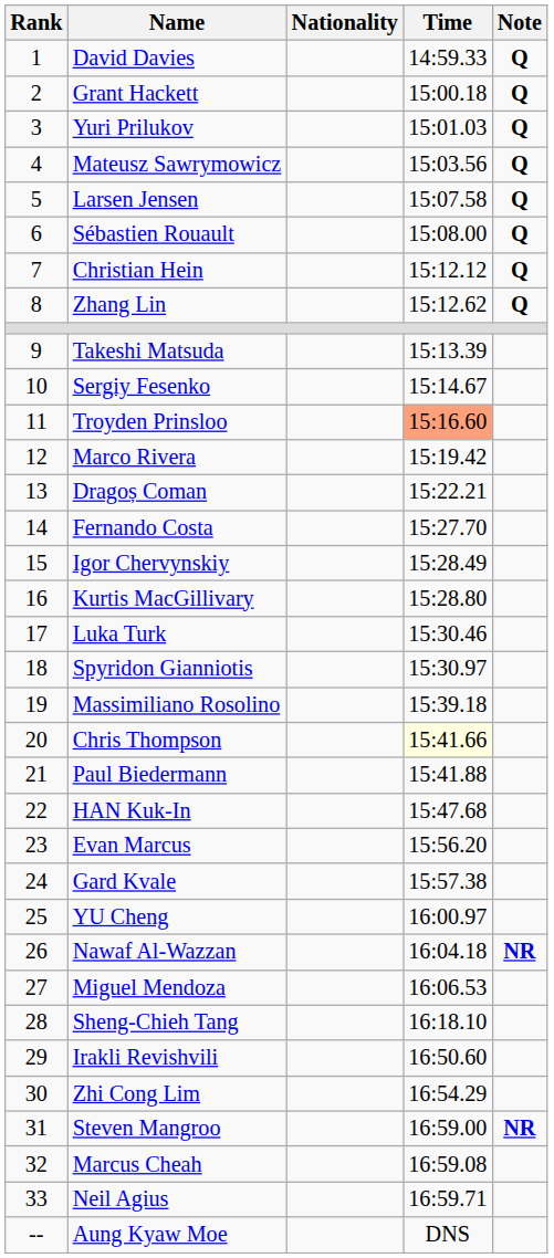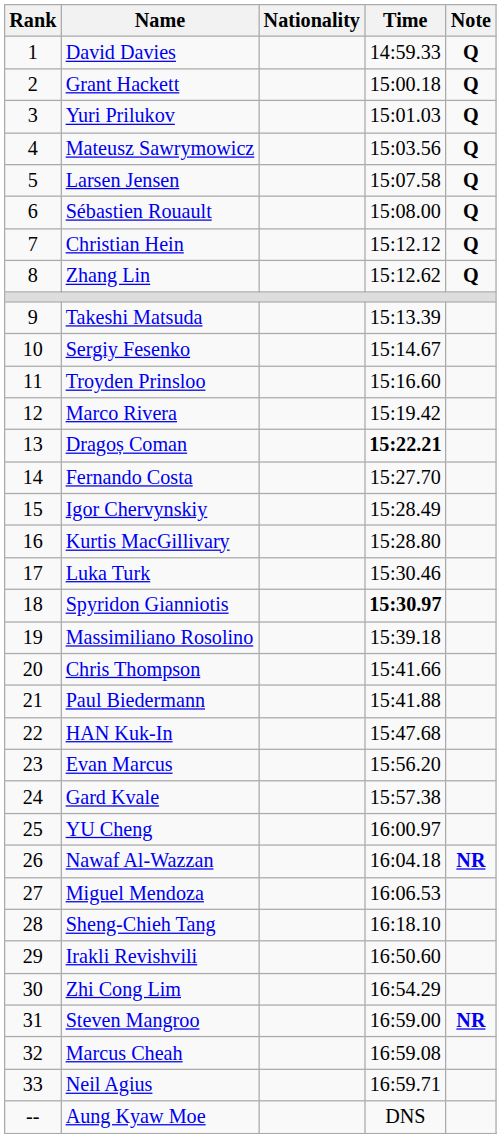 <table class="wikitable" style="text-align:center">
 <tr>
 <th>Rank</th>
 <th>Name</th>
 <th>Nationality</th>
 <th>Time</th>
 <th>Note</th>
 </tr>
 <tr>
 <td>1</td>
 <td align=left><a href='#'>David Davies</a></td>
 <td align=left></td>
 <td>14:59.33</td>
 <td><strong>Q</strong></td>
 </tr>
 <tr>
 <td>2</td>
 <td align=left><a href='#'>Grant Hackett</a></td>
 <td align=left></td>
 <td>15:00.18</td>
 <td><strong>Q</strong></td>
 </tr>
 <tr>
 <td>3</td>
 <td align=left><a href='#'>Yuri Prilukov</a></td>
 <td align=left></td>
 <td>15:01.03</td>
 <td><strong>Q</strong></td>
 </tr>
 <tr>
 <td>4</td>
 <td align=left><a href='#'>Mateusz Sawrymowicz</a></td>
 <td align=left></td>
 <td>15:03.56</td>
 <td><strong>Q</strong></td>
 </tr>
 <tr>
 <td>5</td>
 <td align=left><a href='#'>Larsen Jensen</a></td>
 <td align=left></td>
 <td>15:07.58</td>
 <td><strong>Q</strong></td>
 </tr>
 <tr>
 <td>6</td>
 <td align=left><a href='#'>Sébastien Rouault</a></td>
 <td align=left></td>
 <td>15:08.00</td>
 <td><strong>Q</strong></td>
 </tr>
 <tr>
 <td>7</td>
 <td align=left><a href='#'>Christian Hein</a></td>
 <td align=left></td>
 <td>15:12.12</td>
 <td><strong>Q</strong></td>
 </tr>
 <tr>
 <td>8</td>
 <td align=left><a href='#'>Zhang Lin</a></td>
 <td align=left></td>
 <td>15:12.62</td>
 <td><strong>Q</strong></td>
 </tr>
 <tr bgcolor=#DDDDDD>
 <td colspan=5></td>
 </tr>
 <tr>
 <td>9</td>
 <td align=left><a href='#'>Takeshi Matsuda</a></td>
 <td align=left></td>
 <td>15:13.39</td>
 <td></td>
 </tr>
 <tr>
 <td>10</td>
 <td align=left><a href='#'>Sergiy Fesenko</a></td>
 <td align=left></td>
 <td>15:14.67</td>
 <td></td>
 </tr>
 <tr>
 <td>11</td>
 <td align=left><a href='#'>Troyden Prinsloo</a></td>
 <td align=left></td>
-<td style="background: lightsalmon;">15:16.60</td>
+<td>15:16.60</td>
 <td></td>
 </tr>
 <tr>
 <td>12</td>
 <td align=left><a href='#'>Marco Rivera</a></td>
 <td align=left></td>
 <td>15:19.42</td>
 <td></td>
 </tr>
 <tr>
 <td>13</td>
 <td align=left><a href='#'>Dragoș Coman</a></td>
 <td align=left></td>
-<td>15:22.21</td>
+<td><strong>15:22.21</strong></td>
 <td></td>
 </tr>
 <tr>
 <td>14</td>
 <td align=left><a href='#'>Fernando Costa</a></td>
 <td align=left></td>
 <td>15:27.70</td>
 <td></td>
 </tr>
 <tr>
 <td>15</td>
 <td align=left><a href='#'>Igor Chervynskiy</a></td>
 <td align=left></td>
 <td>15:28.49</td>
 <td></td>
 </tr>
 <tr>
 <td>16</td>
 <td align=left><a href='#'>Kurtis MacGillivary</a></td>
 <td align=left></td>
 <td>15:28.80</td>
 <td></td>
 </tr>
 <tr>
 <td>17</td>
 <td align=left><a href='#'>Luka Turk</a></td>
 <td align=left></td>
 <td>15:30.46</td>
 <td></td>
 </tr>
 <tr>
 <td>18</td>
 <td align=left><a href='#'>Spyridon Gianniotis</a></td>
 <td align=left></td>
-<td>15:30.97</td>
+<td><strong>15:30.97</strong></td>
 <td></td>
 </tr>
 <tr>
 <td>19</td>
 <td align=left><a href='#'>Massimiliano Rosolino</a></td>
 <td align=left></td>
 <td>15:39.18</td>
 <td></td>
 </tr>
 <tr>
 <td>20</td>
 <td align=left><a href='#'>Chris Thompson</a></td>
 <td align=left></td>
-<td style="background: lightyellow;">15:41.66</td>
+<td>15:41.66</td>
 <td></td>
 </tr>
 <tr>
 <td>21</td>
 <td align=left><a href='#'>Paul Biedermann</a></td>
 <td align=left></td>
 <td>15:41.88</td>
 <td></td>
 </tr>
 <tr>
 <td>22</td>
 <td align=left><a href='#'>HAN Kuk-In</a></td>
 <td align=left></td>
 <td>15:47.68</td>
 <td></td>
 </tr>
 <tr>
 <td>23</td>
 <td align=left><a href='#'>Evan Marcus</a></td>
 <td align=left></td>
 <td>15:56.20</td>
 <td></td>
 </tr>
 <tr>
 <td>24</td>
 <td align=left><a href='#'>Gard Kvale</a></td>
 <td align=left></td>
 <td>15:57.38</td>
 <td></td>
 </tr>
 <tr>
 <td>25</td>
 <td align=left><a href='#'>YU Cheng</a></td>
 <td align=left></td>
 <td>16:00.97</td>
 <td></td>
 </tr>
 <tr>
 <td>26</td>
 <td align=left><a href='#'>Nawaf Al-Wazzan</a></td>
 <td align=left></td>
 <td>16:04.18</td>
 <td><strong><a href='#'>NR</a></strong></td>
 </tr>
 <tr>
 <td>27</td>
 <td align=left><a href='#'>Miguel Mendoza</a></td>
 <td align=left></td>
 <td>16:06.53</td>
 <td></td>
 </tr>
 <tr>
 <td>28</td>
 <td align=left><a href='#'>Sheng-Chieh Tang</a></td>
 <td align=left></td>
 <td>16:18.10</td>
 <td></td>
 </tr>
 <tr>
 <td>29</td>
 <td align=left><a href='#'>Irakli Revishvili</a></td>
 <td align=left></td>
 <td>16:50.60</td>
 <td></td>
 </tr>
 <tr>
 <td>30</td>
 <td align=left><a href='#'>Zhi Cong Lim</a></td>
 <td align=left></td>
 <td>16:54.29</td>
 <td></td>
 </tr>
 <tr>
 <td>31</td>
 <td align=left><a href='#'>Steven Mangroo</a></td>
 <td align=left></td>
 <td>16:59.00</td>
 <td><strong><a href='#'>NR</a></strong></td>
 </tr>
 <tr>
 <td>32</td>
 <td align=left><a href='#'>Marcus Cheah</a></td>
 <td align=left></td>
 <td>16:59.08</td>
 <td></td>
 </tr>
 <tr>
 <td>33</td>
 <td align=left><a href='#'>Neil Agius</a></td>
 <td align=left></td>
 <td>16:59.71</td>
 <td></td>
 </tr>
 <tr>
 <td>--</td>
 <td align=left><a href='#'>Aung Kyaw Moe</a></td>
 <td align=left></td>
 <td>DNS</td>
 <td></td>
 </tr>
 <tr>
 </tr>
 </table>
